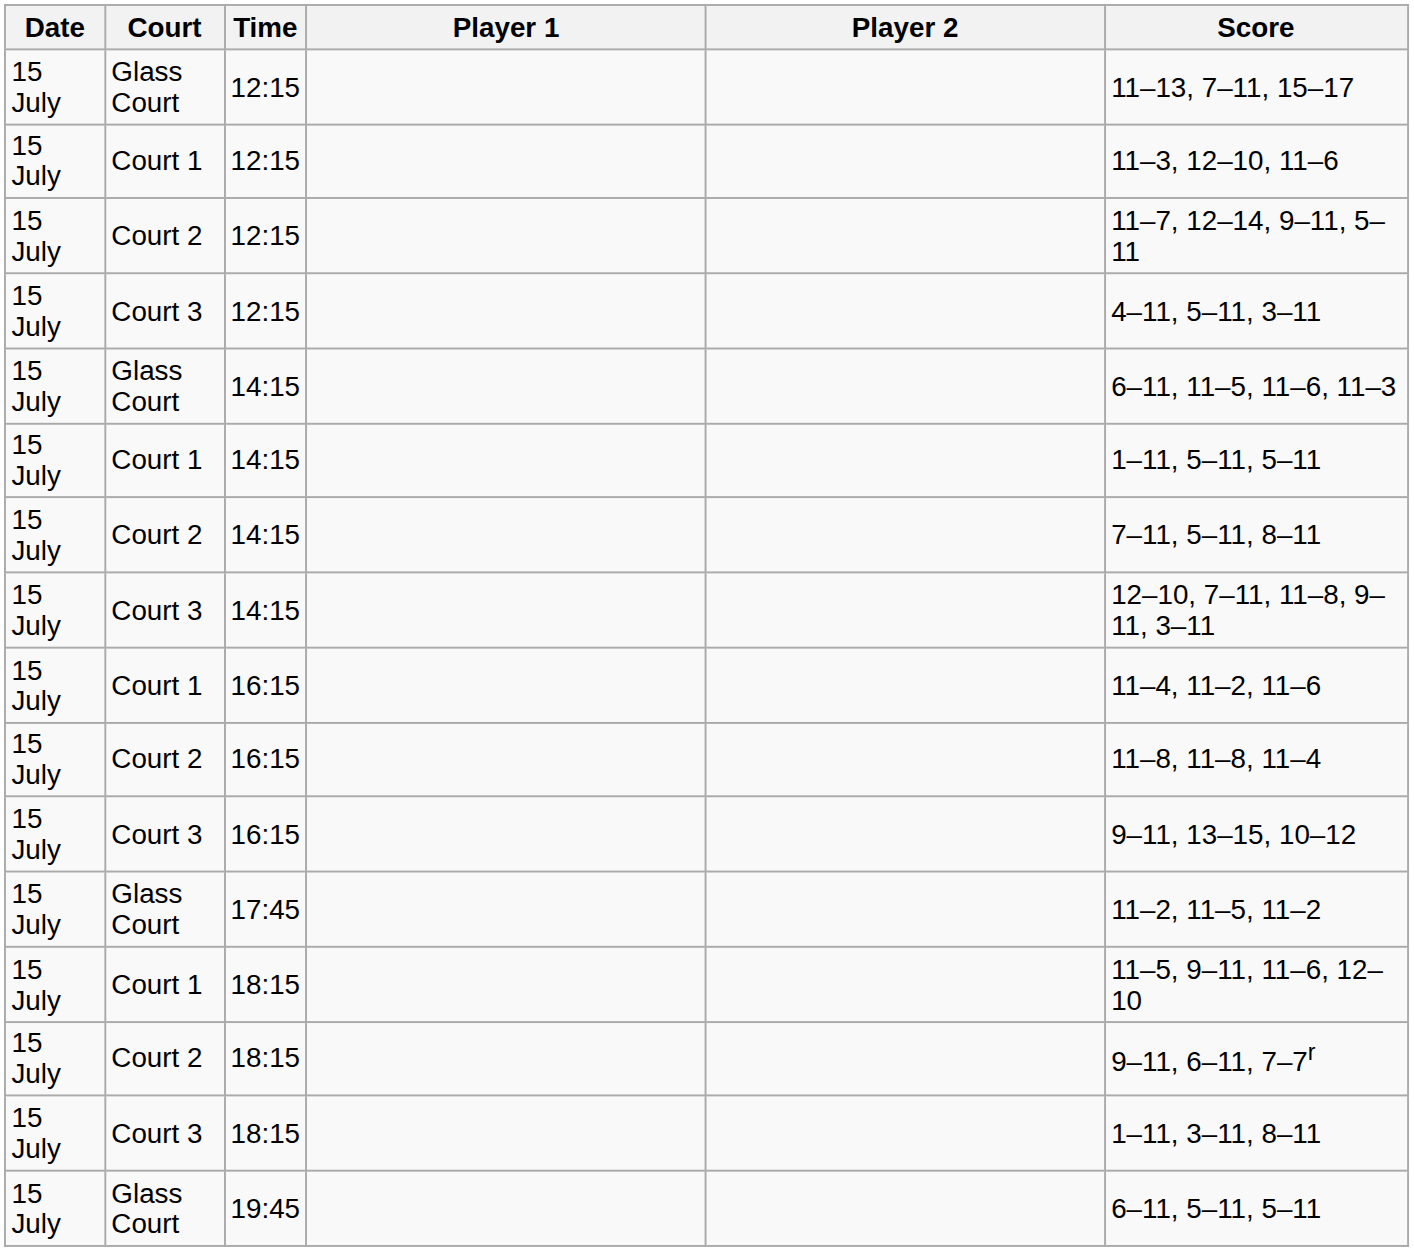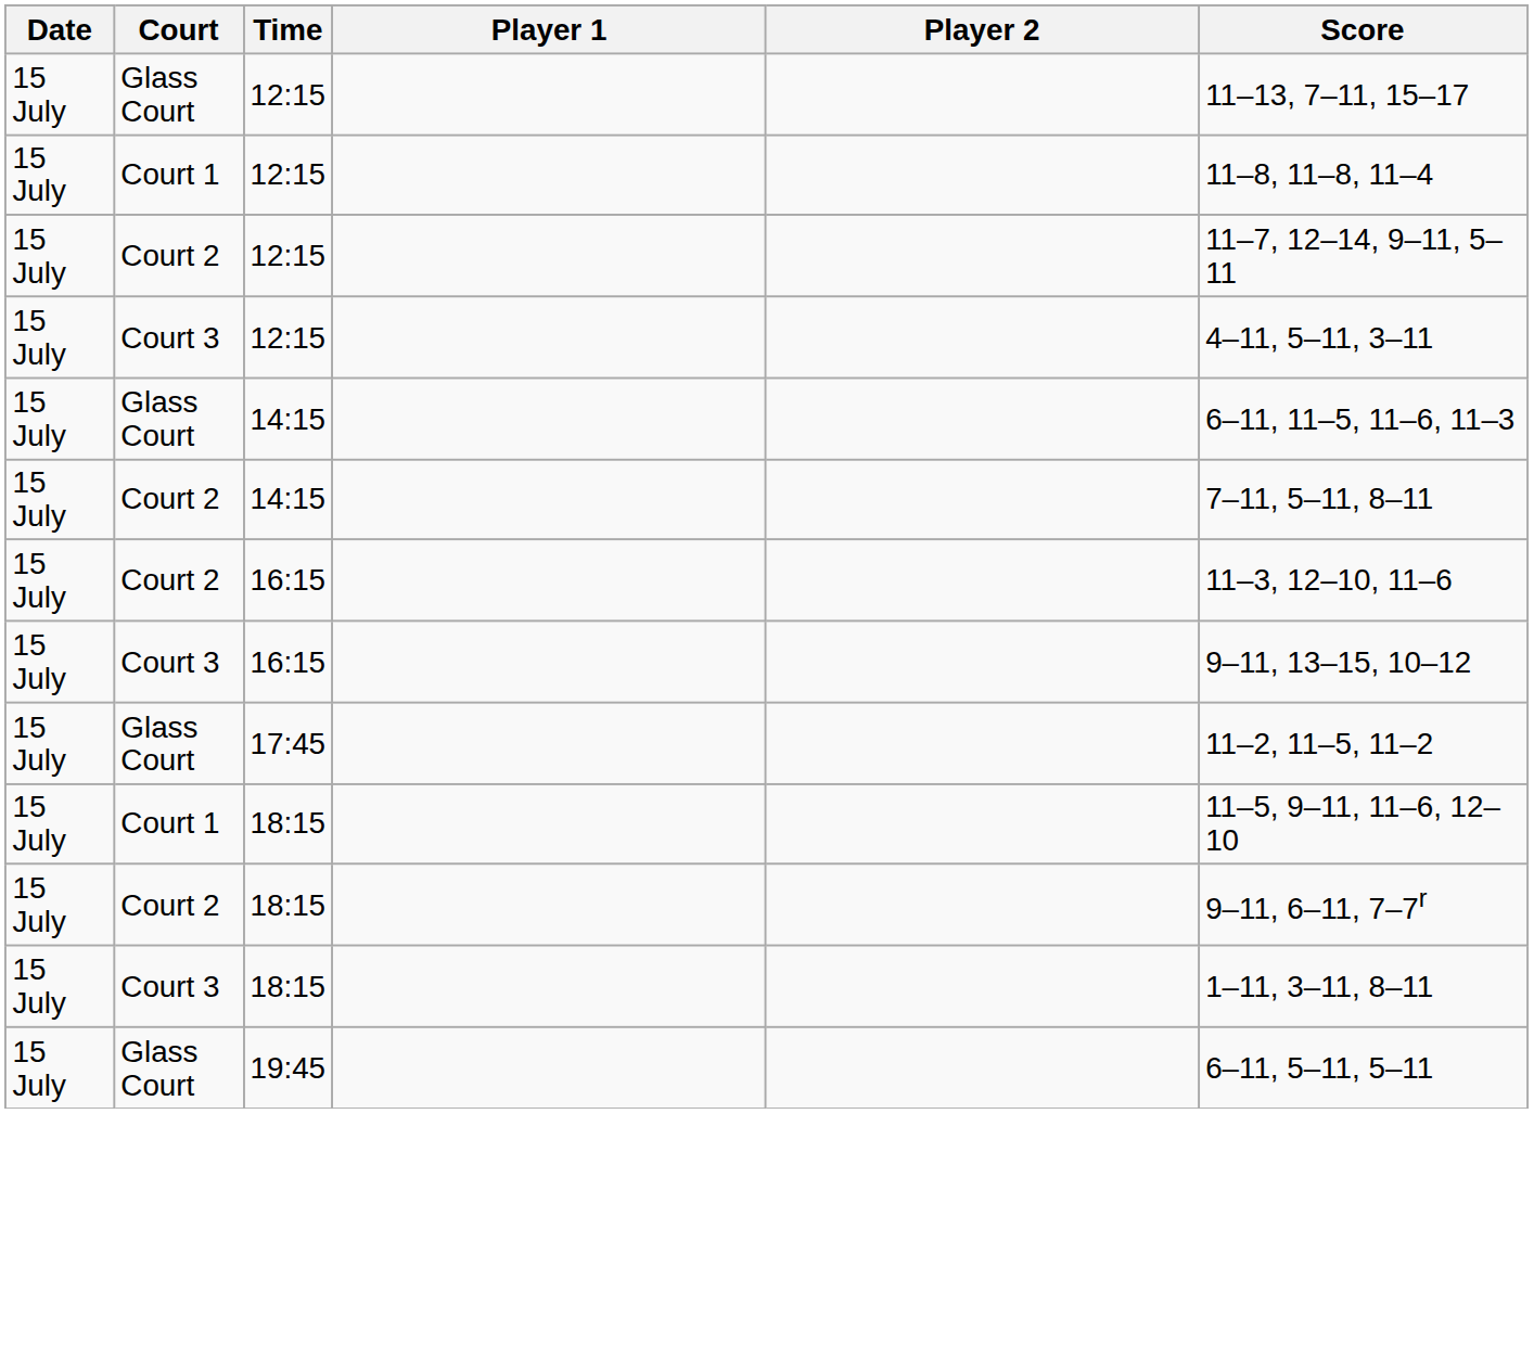 <table class="sortable wikitable" style="font-size:90%">
 <tr>
 <th width="45" class="unsortable">Date</th>
 <th width="55">Court</th>
 <th width="30">Time</th>
 <th width="200">Player 1</th>
 <th width="200">Player 2</th>
 <th width="150" class="unsortable">Score</th>
 </tr>
 <tr>
 <td>15 July</td>
 <td>Glass Court</td>
 <td>12:15</td>
 <td></td>
 <td><strong></strong></td>
 <td>11–13, 7–11, 15–17</td>
 </tr>
 <tr>
 <td>15 July</td>
 <td>Court 1</td>
 <td>12:15</td>
 <td><strong></strong></td>
 <td></td>
-<td>11–3, 12–10, 11–6</td>
+<td>11–8, 11–8, 11–4</td>
 </tr>
 <tr>
 <td>15 July</td>
 <td>Court 2</td>
 <td>12:15</td>
 <td></td>
 <td><strong></strong></td>
 <td>11–7, 12–14, 9–11, 5–11</td>
 </tr>
 <tr>
 <td>15 July</td>
 <td>Court 3</td>
 <td>12:15</td>
 <td></td>
 <td><strong></strong></td>
 <td>4–11, 5–11, 3–11</td>
 </tr>
 <tr>
 <td>15 July</td>
 <td>Glass Court</td>
 <td>14:15</td>
 <td><strong></strong></td>
 <td></td>
 <td>6–11, 11–5, 11–6, 11–3</td>
 </tr>
 <tr>
 <td>15 July</td>
-<td>Court 1</td>
-<td>14:15</td>
-<td></td>
-<td><strong></strong></td>
-<td>1–11, 5–11, 5–11</td>
-</tr>
-<tr>
-<td>15 July</td>
 <td>Court 2</td>
 <td>14:15</td>
 <td></td>
 <td><strong></strong></td>
 <td>7–11, 5–11, 8–11</td>
 </tr>
 <tr>
 <td>15 July</td>
-<td>Court 3</td>
-<td>14:15</td>
-<td></td>
-<td><strong></strong></td>
-<td>12–10, 7–11, 11–8, 9–11, 3–11</td>
-</tr>
-<tr>
-<td>15 July</td>
-<td>Court 1</td>
-<td>16:15</td>
-<td><strong></strong></td>
-<td></td>
-<td>11–4, 11–2, 11–6</td>
-</tr>
-<tr>
-<td>15 July</td>
 <td>Court 2</td>
 <td>16:15</td>
 <td><strong></strong></td>
 <td></td>
-<td>11–8, 11–8, 11–4</td>
+<td>11–3, 12–10, 11–6</td>
 </tr>
 <tr>
 <td>15 July</td>
 <td>Court 3</td>
 <td>16:15</td>
 <td></td>
 <td><strong></strong></td>
 <td>9–11, 13–15, 10–12</td>
 </tr>
 <tr>
 <td>15 July</td>
 <td>Glass Court</td>
 <td>17:45</td>
 <td><strong></strong></td>
 <td></td>
 <td>11–2, 11–5, 11–2</td>
 </tr>
 <tr>
 <td>15 July</td>
 <td>Court 1</td>
 <td>18:15</td>
 <td><strong></strong></td>
 <td></td>
 <td>11–5, 9–11, 11–6, 12–10</td>
 </tr>
 <tr>
 <td>15 July</td>
 <td>Court 2</td>
 <td>18:15</td>
 <td></td>
 <td><strong></strong></td>
 <td>9–11, 6–11, 7–7<sup>r</sup></td>
 </tr>
 <tr>
 <td>15 July</td>
 <td>Court 3</td>
 <td>18:15</td>
 <td></td>
 <td><strong></strong></td>
 <td>1–11, 3–11, 8–11</td>
 </tr>
 <tr>
 <td>15 July</td>
 <td>Glass Court</td>
 <td>19:45</td>
 <td></td>
 <td><strong></strong></td>
 <td>6–11, 5–11, 5–11</td>
 </tr>
 </table>
